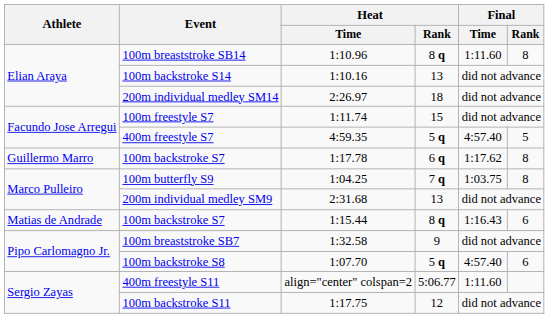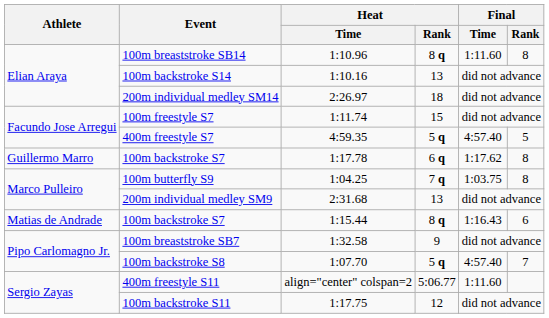 <table class=wikitable style="font-size:90%">
 <tr>
 <th rowspan="2">Athlete</th>
 <th rowspan="2">Event</th>
 <th colspan="2">Heat</th>
 <th colspan="2">Final</th>
 </tr>
 <tr style="font-size:95%">
 <th>Time</th>
 <th>Rank</th>
 <th>Time</th>
 <th>Rank</th>
 </tr>
 <tr>
 <td rowspan="3"><a href='#'>Elian Araya</a></td>
 <td><a href='#'>100m breaststroke SB14</a></td>
 <td align="center">1:10.96</td>
 <td align="center">8 <strong>q</strong></td>
 <td align="center">1:11.60</td>
 <td align="center">8</td>
 </tr>
 <tr>
 <td><a href='#'>100m backstroke S14</a></td>
 <td align="center">1:10.16</td>
 <td align="center">13</td>
 <td align="center" colspan=2>did not advance</td>
 </tr>
 <tr>
 <td><a href='#'>200m individual medley SM14</a></td>
 <td align="center">2:26.97</td>
 <td align="center">18</td>
 <td align="center" colspan=2>did not advance</td>
 </tr>
 <tr>
 <td rowspan="2"><a href='#'>Facundo Jose Arregui</a></td>
 <td><a href='#'>100m freestyle S7</a></td>
 <td align="center">1:11.74</td>
 <td align="center">15</td>
 <td align="center" colspan=2>did not advance</td>
 </tr>
 <tr>
 <td><a href='#'>400m freestyle S7</a></td>
 <td align="center">4:59.35</td>
 <td align="center">5 <strong>q</strong></td>
 <td align="center">4:57.40</td>
 <td align="center">5</td>
 </tr>
 <tr>
 <td><a href='#'>Guillermo Marro</a></td>
 <td><a href='#'>100m backstroke S7</a></td>
 <td align="center">1:17.78</td>
 <td align="center">6 <strong>q</strong></td>
 <td align="center">1:17.62</td>
 <td align="center">8</td>
 </tr>
 <tr>
 <td rowspan="2"><a href='#'>Marco Pulleiro</a></td>
 <td><a href='#'>100m butterfly S9</a></td>
 <td align="center">1:04.25</td>
 <td align="center">7 <strong>q</strong></td>
 <td align="center">1:03.75</td>
 <td align="center">8</td>
 </tr>
 <tr>
 <td><a href='#'>200m individual medley SM9</a></td>
 <td align="center">2:31.68</td>
 <td align="center">13</td>
 <td align="center" colspan=2>did not advance</td>
 </tr>
 <tr>
 <td><a href='#'>Matias de Andrade</a></td>
 <td><a href='#'>100m backstroke S7</a></td>
 <td align="center">1:15.44</td>
 <td align="center">8 <strong>q</strong></td>
 <td align="center">1:16.43</td>
 <td align="center">6</td>
 </tr>
 <tr>
 <td rowspan="2"><a href='#'>Pipo Carlomagno Jr.</a></td>
 <td><a href='#'>100m breaststroke SB7</a></td>
 <td align="center">1:32.58</td>
 <td align="center">9</td>
 <td align="center" colspan=2>did not advance</td>
 </tr>
 <tr>
 <td><a href='#'>100m backstroke S8</a></td>
 <td align="center">1:07.70</td>
 <td align="center">5 <strong>q</strong></td>
 <td align="center">4:57.40</td>
-<td align="center">6</td>
+<td align="center">7</td>
 </tr>
 <tr>
 <td rowspan="2"><a href='#'>Sergio Zayas</a></td>
 <td><a href='#'>400m freestyle S11</a></td>
 <td>align="center" colspan=2 </td>
 <td align="center">5:06.77</td>
 <td align="center">1:11.60</td>
 </tr>
 <tr>
 <td><a href='#'>100m backstroke S11</a></td>
 <td align="center">1:17.75</td>
 <td align="center">12</td>
 <td align="center" colspan=2>did not advance</td>
 </tr>
 </table>
